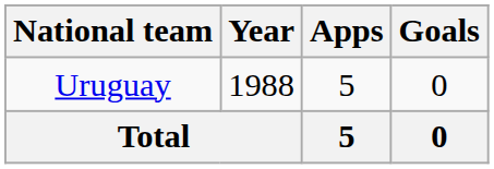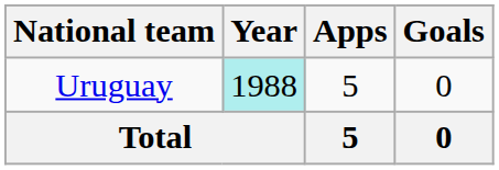 <table class="wikitable" style="text-align:center">
 <tr>
 <th>National team</th>
 <th>Year</th>
 <th>Apps</th>
 <th>Goals</th>
 </tr>
 <tr>
 <td rowspan="1"><a href='#'>Uruguay</a></td>
-<td>1988</td>
+<td style="background: paleturquoise;">1988</td>
 <td>5</td>
 <td>0</td>
 </tr>
 <tr>
 <th colspan="2">Total</th>
 <th>5</th>
 <th>0</th>
 </tr>
 </table>
